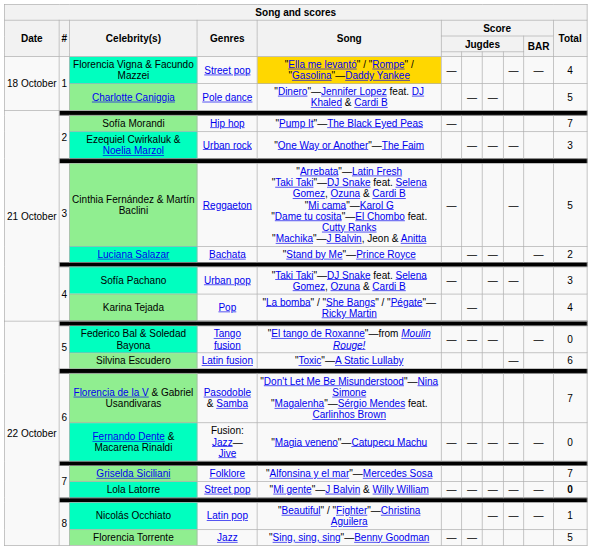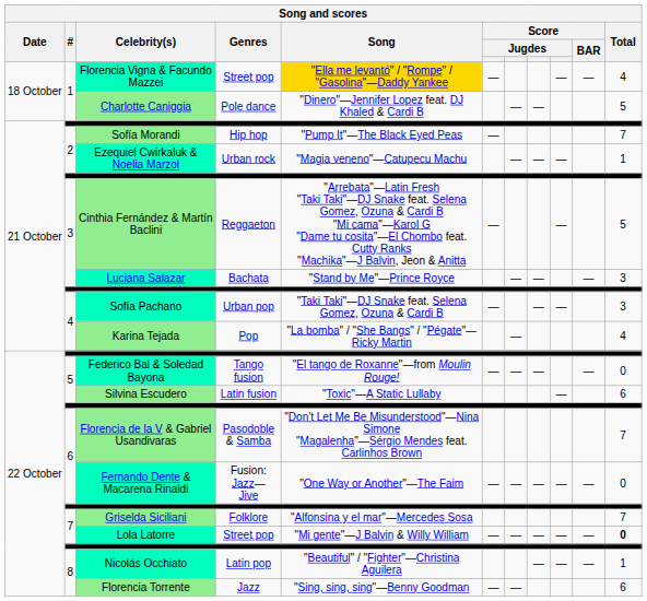 <table class="wikitable collapsible collapsed" style="font-size:95%; text-align: center; width: 100%;">
 <tr>
 <th colspan="12" style="with: 100%;" align=center>Song and scores</th>
 </tr>
 <tr>
 <th rowspan="3" width="90">Date</th>
 <th rowspan="3">#</th>
 <th rowspan="3" width="250">Celebrity(s)</th>
 <th rowspan="3" width="90">Genres</th>
 <th rowspan="3" width="365">Song</th>
 <th colspan="5">Score</th>
 <th rowspan="3" width="50">Total</th>
 </tr>
 <tr>
 <th colspan="4">Jugdes</th>
 <th rowspan="2" width=40>BAR<br></th>
 </tr>
 <tr>
 <th width=30></th>
 <th width=30></th>
 <th width=30></th>
 <th width=30></th>
 </tr>
 <tr>
 <td rowspan="2">18 October</td>
 <td rowspan="2">1</td>
 <td bgcolor="#00FFBF">Florencia Vigna & Facundo Mazzei</td>
 <td><a href='#'>Street pop</a></td>
 <td style="background: gold;">"<a href='#'>Ella me levantó</a>" / "<a href='#'>Rompe</a>" / "<a href='#'>Gasolina</a>"—<a href='#'>Daddy Yankee</a></td>
 <td>—</td>
 <td></td>
 <td></td>
 <td>—</td>
 <td>—</td>
 <td>4</td>
 </tr>
 <tr>
 <td bgcolor="lightgreen"><a href='#'>Charlotte Caniggia</a></td>
 <td><a href='#'>Pole dance</a></td>
 <td>"<a href='#'>Dinero</a>"—<a href='#'>Jennifer Lopez</a> feat. <a href='#'>DJ Khaled</a> & <a href='#'>Cardi B</a></td>
 <td></td>
 <td>—</td>
 <td>—</td>
 <td></td>
 <td> </td>
 <td>5</td>
 </tr>
 <tr>
 <td rowspan="10">21 October</td>
 </tr>
 <tr>
 <td style="background:black" colspan=19></td>
 </tr>
 <tr>
 <td rowspan="2">2</td>
 <td bgcolor="lightgreen">Sofía Morandi</td>
 <td><a href='#'>Hip hop</a></td>
 <td>"<a href='#'>Pump It</a>"—<a href='#'>The Black Eyed Peas</a></td>
 <td>—</td>
 <td></td>
 <td></td>
 <td></td>
 <td>  </td>
 <td>7</td>
 </tr>
 <tr>
 <td bgcolor="#00FFBF">Ezequiel Cwirkaluk & <a href='#'>Noelia Marzol</a></td>
 <td><a href='#'>Urban rock</a></td>
-<td>"<a href='#'>One Way or Another</a>"—<a href='#'>The Faim</a></td>
+<td>"<a href='#'>Magia veneno</a>"—<a href='#'>Catupecu Machu</a></td>
 <td></td>
 <td>—</td>
 <td>—</td>
 <td>—</td>
 <td> </td>
-<td>3</td>
+<td>1</td>
 </tr>
 <tr>
 <td style="background:black" colspan=19></td>
 </tr>
 <tr>
 <td rowspan="2">3</td>
 <td bgcolor="lightgreen">Cinthia Fernández & Martín Baclini</td>
 <td><a href='#'>Reggaeton</a></td>
 <td>"<a href='#'>Arrebata</a>"—<a href='#'>Latin Fresh</a><br>"<a href='#'>Taki Taki</a>"—<a href='#'>DJ Snake</a> feat.  <a href='#'>Selena Gomez</a>, <a href='#'>Ozuna</a> & <a href='#'>Cardi B</a><br>"<a href='#'>Mi cama</a>"—<a href='#'>Karol G</a><br>"<a href='#'>Dame tu cosita</a>"—<a href='#'>El Chombo</a> feat. <a href='#'>Cutty Ranks</a><br>"<a href='#'>Machika</a>"—<a href='#'>J Balvin</a>, Jeon & <a href='#'>Anitta</a></td>
 <td>—</td>
 <td></td>
 <td></td>
 <td>—</td>
 <td>  </td>
 <td>5</td>
 </tr>
 <tr>
 <td bgcolor="#00FFBF"><a href='#'>Luciana Salazar</a></td>
 <td><a href='#'>Bachata</a></td>
 <td>"<a href='#'>Stand by Me</a>"—<a href='#'>Prince Royce</a></td>
 <td></td>
 <td>—</td>
 <td>—</td>
 <td></td>
 <td>—</td>
-<td>2</td>
+<td>3</td>
 </tr>
 <tr>
 <td style="background:black" colspan=19></td>
 </tr>
 <tr>
 <td rowspan="2">4</td>
 <td bgcolor="#00FFBF">Sofía Pachano</td>
 <td><a href='#'>Urban pop</a></td>
 <td>"<a href='#'>Taki Taki</a>"—<a href='#'>DJ Snake</a> feat.  <a href='#'>Selena Gomez</a>, <a href='#'>Ozuna</a> & <a href='#'>Cardi B</a></td>
 <td>—</td>
 <td></td>
 <td>—</td>
 <td>—</td>
 <td>  </td>
 <td>3</td>
 </tr>
 <tr>
 <td bgcolor="lightgreen">Karina Tejada</td>
 <td><a href='#'>Pop</a></td>
 <td>"<a href='#'>La bomba</a>" / "<a href='#'>She Bangs</a>" / "<a href='#'>Pégate</a>"—<a href='#'>Ricky Martin</a></td>
 <td></td>
 <td>—</td>
 <td></td>
 <td></td>
 <td>  </td>
 <td>4</td>
 </tr>
 <tr>
 <td rowspan="14">22 October</td>
 </tr>
 <tr>
 <td style="background:black" colspan=19></td>
 </tr>
 <tr>
 <td rowspan="2">5</td>
 <td bgcolor="#00FFBF">Federico Bal & Soledad Bayona</td>
 <td><a href='#'>Tango fusion</a></td>
 <td>"<a href='#'>El tango de Roxanne</a>"—from <em><a href='#'>Moulin Rouge!</a></em></td>
 <td>—</td>
 <td>—</td>
 <td>—</td>
 <td></td>
 <td>—</td>
 <td>0</td>
 </tr>
 <tr>
 <td bgcolor="lightgreen">Silvina Escudero</td>
 <td><a href='#'>Latin fusion</a></td>
 <td>"<a href='#'>Toxic</a>"—<a href='#'>A Static Lullaby</a></td>
 <td></td>
 <td></td>
 <td></td>
 <td>—</td>
 <td> </td>
 <td>6</td>
 </tr>
 <tr>
 <td style="background:black" colspan=19></td>
 </tr>
 <tr>
 <td rowspan="2">6</td>
 <td bgcolor="lightgreen"><a href='#'>Florencia de la V</a> & Gabriel Usandivaras</td>
 <td><a href='#'>Pasodoble</a><br>& <a href='#'>Samba</a></td>
 <td>"<a href='#'>Don't Let Me Be Misunderstood</a>"—<a href='#'>Nina Simone</a><br>"<a href='#'>Magalenha</a>"—<a href='#'>Sérgio Mendes</a> feat. <a href='#'>Carlinhos Brown</a></td>
 <td></td>
 <td></td>
 <td></td>
 <td></td>
 <td> </td>
 <td>7</td>
 </tr>
 <tr>
 <td bgcolor="#00FFBF"><a href='#'>Fernando Dente</a> & Macarena Rinaldi</td>
 <td>Fusion: <a href='#'>Jazz</a>—<br><a href='#'>Jive</a></td>
-<td>"<a href='#'>Magia veneno</a>"—<a href='#'>Catupecu Machu</a></td>
+<td>"<a href='#'>One Way or Another</a>"—<a href='#'>The Faim</a></td>
 <td>—</td>
 <td>—</td>
 <td>—</td>
 <td>—</td>
 <td>—</td>
 <td>0</td>
 </tr>
 <tr>
 <td style="background:black" colspan=19></td>
 </tr>
 <tr>
 <td rowspan="2">7</td>
 <td bgcolor="lightgreen"><a href='#'>Griselda Siciliani</a></td>
 <td><a href='#'>Folklore</a></td>
 <td>"<a href='#'>Alfonsina y el mar</a>"—<a href='#'>Mercedes Sosa</a></td>
 <td></td>
 <td></td>
 <td></td>
 <td></td>
 <td> </td>
 <td>7</td>
 </tr>
 <tr>
 <td bgcolor="#00FFBF">Lola Latorre</td>
 <td><a href='#'>Street pop</a></td>
 <td>"<a href='#'>Mi gente</a>"—<a href='#'>J Balvin</a> & <a href='#'>Willy William</a></td>
 <td>—</td>
 <td>—</td>
 <td>—</td>
 <td>—</td>
 <td>—</td>
 <td><strong>0</strong></td>
 </tr>
 <tr>
 <td style="background:black" colspan=19></td>
 </tr>
 <tr>
 <td rowspan="2">8</td>
 <td bgcolor="#00FFBF">Nicolás Occhiato</td>
 <td><a href='#'>Latin pop</a></td>
 <td>"<a href='#'>Beautiful</a>" / "<a href='#'>Fighter</a>"—<a href='#'>Christina Aguilera</a></td>
 <td></td>
 <td></td>
 <td>—</td>
 <td>—</td>
 <td>—</td>
 <td>1</td>
 </tr>
 <tr>
 <td bgcolor="lightgreen">Florencia Torrente</td>
 <td><a href='#'>Jazz</a></td>
 <td>"<a href='#'>Sing, sing, sing</a>"—<a href='#'>Benny Goodman</a></td>
 <td>—</td>
 <td>—</td>
 <td></td>
 <td></td>
 <td> </td>
-<td>5</td>
+<td>6</td>
 </tr>
 </table>
